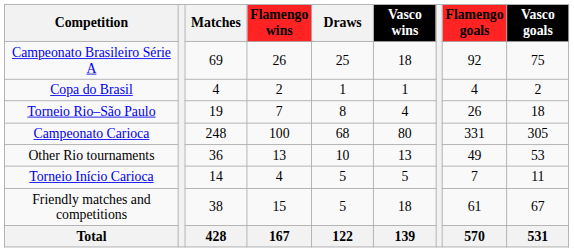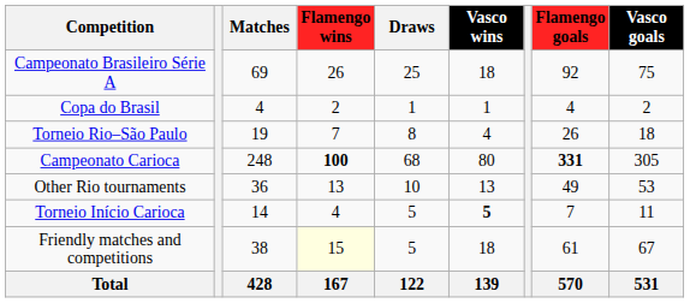 <table class="wikitable" style="text-align: center;">
 <tr>
 <th width="195">Competition</th>
 <th rowspan="9"></th>
 <th width="65">Matches</th>
 <th width="65" style="background:#ff2323">Flamengo<br>wins</th>
 <th width="65">Draws</th>
 <th width="65" style="background:#000000; color:#ffffff">Vasco<br>wins</th>
 <th rowspan="9"></th>
 <th width="65" style="background:#ff2323">Flamengo<br>goals</th>
 <th width="65" style="background:#000000; color:#ffffff">Vasco<br>goals</th>
 </tr>
 <tr>
 <td><a href='#'>Campeonato Brasileiro Série A</a></td>
 <td>69</td>
 <td>26</td>
 <td>25</td>
 <td>18</td>
 <td>92</td>
 <td>75</td>
 </tr>
 <tr>
 <td><a href='#'>Copa do Brasil</a></td>
 <td>4</td>
 <td>2</td>
 <td>1</td>
 <td>1</td>
 <td>4</td>
 <td>2</td>
 </tr>
 <tr>
 <td><a href='#'>Torneio Rio–São Paulo</a></td>
 <td>19</td>
 <td>7</td>
 <td>8</td>
 <td>4</td>
 <td>26</td>
 <td>18</td>
 </tr>
 <tr>
 <td><a href='#'>Campeonato Carioca</a></td>
 <td>248</td>
-<td>100</td>
+<td><strong>100</strong></td>
 <td>68</td>
 <td>80</td>
-<td>331</td>
+<td><strong>331</strong></td>
 <td>305</td>
 </tr>
 <tr>
 <td>Other Rio tournaments</td>
 <td>36</td>
 <td>13</td>
 <td>10</td>
 <td>13</td>
 <td>49</td>
 <td>53</td>
 </tr>
 <tr>
 <td><a href='#'>Torneio Início Carioca</a></td>
 <td>14</td>
 <td>4</td>
 <td>5</td>
-<td>5</td>
+<td><strong>5</strong></td>
 <td>7</td>
 <td>11</td>
 </tr>
 <tr>
 <td>Friendly matches and competitions</td>
 <td>38</td>
-<td>15</td>
+<td style="background: lightyellow;">15</td>
 <td>5</td>
 <td>18</td>
 <td>61</td>
 <td>67</td>
 </tr>
 <tr>
 <th>Total</th>
 <th>428</th>
 <th>167</th>
 <th>122</th>
 <th>139</th>
 <th>570</th>
 <th>531</th>
 </tr>
 </table>
